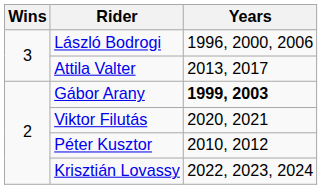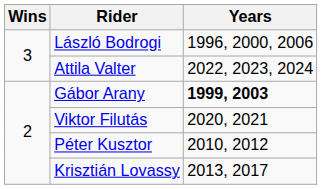 <table class="wikitable">
 <tr>
 <th>Wins</th>
 <th>Rider</th>
 <th>Years</th>
 </tr>
 <tr>
 <td align=center rowspan=2>3</td>
 <td><a href='#'>László Bodrogi</a></td>
 <td>1996, 2000, 2006</td>
 </tr>
 <tr>
 <td><a href='#'>Attila Valter</a></td>
-<td>2013, 2017</td>
+<td>2022, 2023, 2024</td>
 </tr>
 <tr>
 <td align=center rowspan=4>2</td>
 <td><a href='#'>Gábor Arany</a></td>
 <td><strong>1999, 2003</strong></td>
 </tr>
 <tr>
 <td><a href='#'>Viktor Filutás</a></td>
 <td>2020, 2021</td>
 </tr>
 <tr>
 <td><a href='#'>Péter Kusztor</a></td>
 <td>2010, 2012</td>
 </tr>
 <tr>
 <td><a href='#'>Krisztián Lovassy</a></td>
-<td>2022, 2023, 2024</td>
+<td>2013, 2017</td>
 </tr>
 </table>
